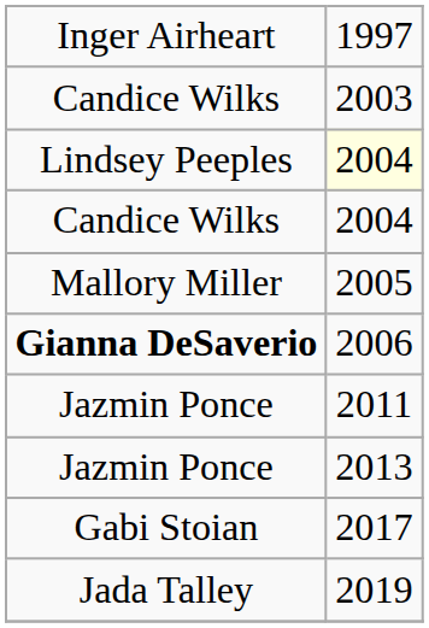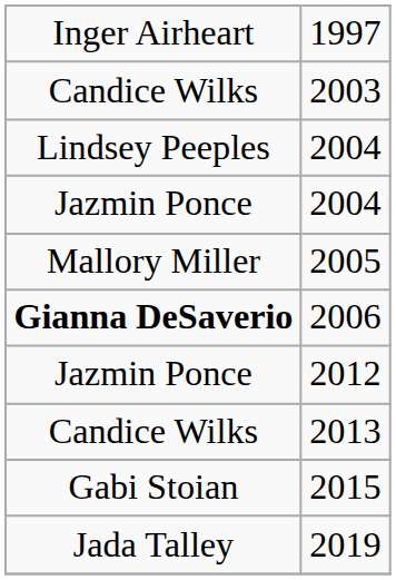 <table class="wikitable" style="text-align:center;">
 <tr>
 <td>Inger Airheart</td>
 <td>1997</td>
 </tr>
 <tr>
 <td>Candice Wilks</td>
 <td>2003</td>
 </tr>
 <tr>
 <td>Lindsey Peeples</td>
-<td style="background: lightyellow;">2004</td>
+<td>2004</td>
 </tr>
 <tr>
-<td>Candice Wilks</td>
+<td>Jazmin Ponce</td>
 <td>2004</td>
 </tr>
 <tr>
 <td>Mallory Miller</td>
 <td>2005</td>
 </tr>
 <tr>
 <td><strong>Gianna DeSaverio</strong></td>
 <td>2006</td>
 </tr>
 <tr>
 <td>Jazmin Ponce</td>
-<td>2011</td>
+<td>2012</td>
 </tr>
 <tr>
-<td>Jazmin Ponce</td>
+<td>Candice Wilks</td>
 <td>2013</td>
 </tr>
 <tr>
 <td>Gabi Stoian</td>
-<td>2017</td>
+<td>2015</td>
 </tr>
 <tr>
 <td>Jada Talley</td>
 <td>2019</td>
 </tr>
 <tr>
 </tr>
 </table>
